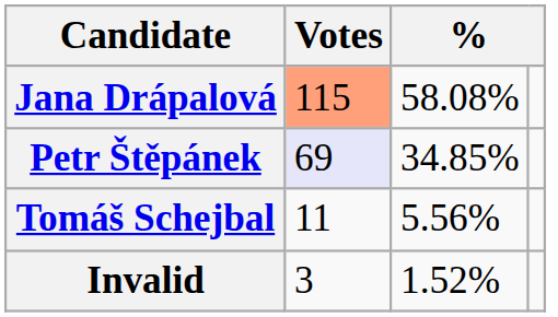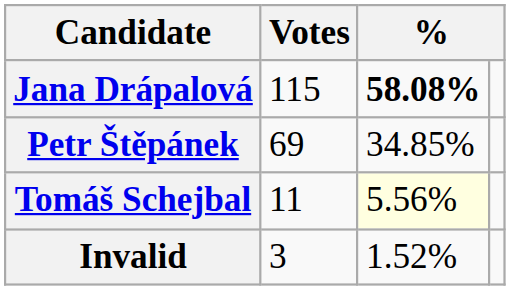 <table class="wikitable">
 <tr>
 <th>Candidate</th>
 <th>Votes</th>
 <th colspan=2>%</th>
 </tr>
 <tr>
 <th><a href='#'>Jana Drápalová</a></th>
-<td style="background: lightsalmon;">115</td>
-<td>58.08%</td>
+<td>115</td>
+<td><strong>58.08%</strong></td>
 <td></td>
 </tr>
 <tr>
 <th><a href='#'>Petr Štěpánek</a></th>
-<td style="background: lavender;">69</td>
+<td>69</td>
 <td>34.85%</td>
 <td></td>
 </tr>
 <tr>
 <th><a href='#'>Tomáš Schejbal</a></th>
 <td>11</td>
-<td>5.56%</td>
+<td style="background: lightyellow;">5.56%</td>
 <td></td>
 </tr>
 <tr>
 <th>Invalid</th>
 <td>3</td>
 <td>1.52%</td>
 <td></td>
 </tr>
 </table>
